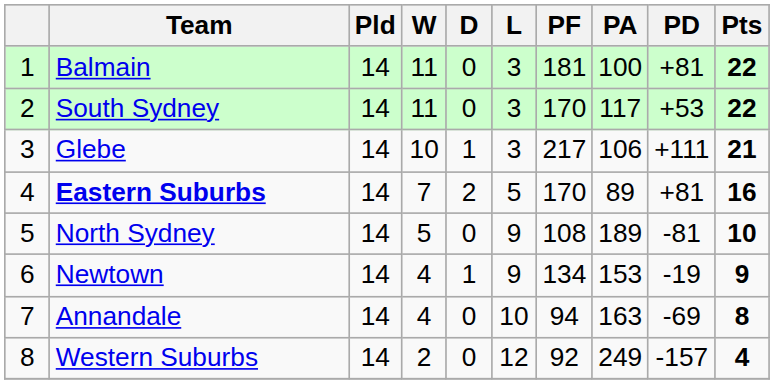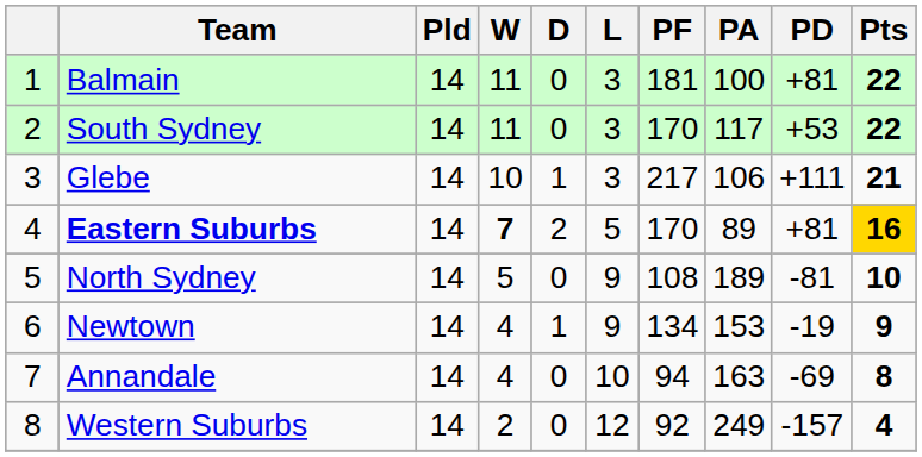 <table class="wikitable" style="text-align:center;">
 <tr>
 <th width=20 abbr="Position×"></th>
 <th width=175>Team</th>
 <th width=20 abbr="Played">Pld</th>
 <th width=20 abbr="Won">W</th>
 <th width=20 abbr="Drawn">D</th>
 <th width=20 abbr="Lost">L</th>
 <th width=20 abbr="Points for">PF</th>
 <th width=20 abbr="Points against">PA</th>
 <th width=20 abbr="Points difference">PD</th>
 <th width=20 abbr="Points">Pts</th>
 </tr>
 <tr style="background: #ccffcc;">
 <td>1</td>
 <td style="text-align:left;"> <a href='#'>Balmain</a></td>
 <td>14</td>
 <td>11</td>
 <td>0</td>
 <td>3</td>
 <td>181</td>
 <td>100</td>
 <td>+81</td>
 <td><strong>22</strong></td>
 </tr>
 <tr style="background: #ccffcc;">
 <td>2</td>
 <td style="text-align:left;"> <a href='#'>South Sydney</a></td>
 <td>14</td>
 <td>11</td>
 <td>0</td>
 <td>3</td>
 <td>170</td>
 <td>117</td>
 <td>+53</td>
 <td><strong>22</strong></td>
 </tr>
 <tr>
 <td>3</td>
 <td style="text-align:left;"> <a href='#'>Glebe</a></td>
 <td>14</td>
 <td>10</td>
 <td>1</td>
 <td>3</td>
 <td>217</td>
 <td>106</td>
 <td>+111</td>
 <td><strong>21</strong></td>
 </tr>
 <tr>
 <td>4</td>
 <td style="text-align:left;"> <strong><a href='#'>Eastern Suburbs</a></strong></td>
 <td>14</td>
-<td>7</td>
+<td><strong>7</strong></td>
 <td>2</td>
 <td>5</td>
 <td>170</td>
 <td>89</td>
 <td>+81</td>
-<td><strong>16</strong></td>
+<td style="background: gold;"><strong>16</strong></td>
 </tr>
 <tr>
 <td>5</td>
 <td style="text-align:left;"> <a href='#'>North Sydney</a></td>
 <td>14</td>
 <td>5</td>
 <td>0</td>
 <td>9</td>
 <td>108</td>
 <td>189</td>
 <td>-81</td>
 <td><strong>10</strong></td>
 </tr>
 <tr>
 <td>6</td>
 <td style="text-align:left;"> <a href='#'>Newtown</a></td>
 <td>14</td>
 <td>4</td>
 <td>1</td>
 <td>9</td>
 <td>134</td>
 <td>153</td>
 <td>-19</td>
 <td><strong>9</strong></td>
 </tr>
 <tr>
 <td>7</td>
 <td style="text-align:left;"> <a href='#'>Annandale</a></td>
 <td>14</td>
 <td>4</td>
 <td>0</td>
 <td>10</td>
 <td>94</td>
 <td>163</td>
 <td>-69</td>
 <td><strong>8</strong></td>
 </tr>
 <tr>
 <td>8</td>
 <td style="text-align:left;"> <a href='#'>Western Suburbs</a></td>
 <td>14</td>
 <td>2</td>
 <td>0</td>
 <td>12</td>
 <td>92</td>
 <td>249</td>
 <td>-157</td>
 <td><strong>4</strong></td>
 </tr>
 <tr>
 </tr>
 </table>
